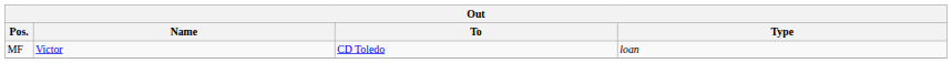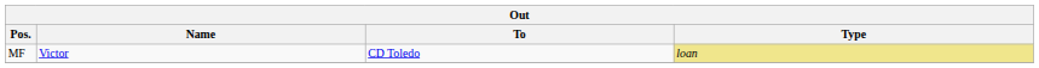 <table class="wikitable" style="font-size:90%;width:99%;">
 <tr>
 <th colspan="4">Out</th>
 </tr>
 <tr>
 <th width=3%>Pos.</th>
 <th width=32%>Name</th>
 <th width=30%>To</th>
 <th width=35%>Type</th>
 </tr>
 <tr>
 <td>MF</td>
 <td><a href='#'>Victor</a></td>
 <td><a href='#'>CD Toledo</a></td>
-<td><em>loan</em></td>
+<td style="background: khaki;"><em>loan</em></td>
 </tr>
 <tr>
 </tr>
 </table>
